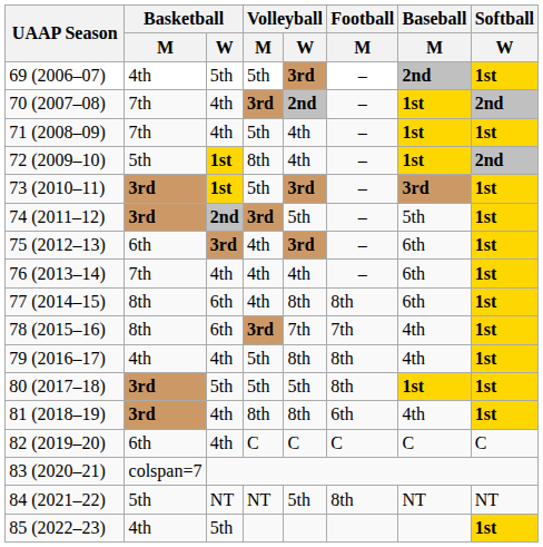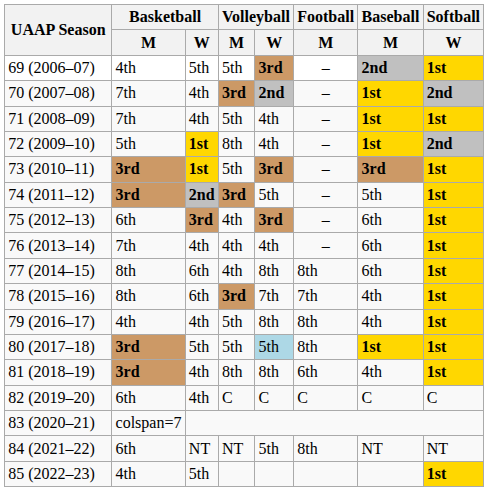 <table class=wikitable>
 <tr>
 <th rowspan="2" style="width:100px;">UAAP Season</th>
 <th colspan=2>Basketball</th>
 <th colspan=2>Volleyball</th>
 <th colspan=1>Football</th>
 <th colspan=1>Baseball</th>
 <th colspan=1>Softball</th>
 </tr>
 <tr>
 <th>M</th>
 <th>W</th>
 <th>M</th>
 <th>W</th>
 <th>M</th>
 <th>M</th>
 <th>W</th>
 </tr>
 <tr bgcolor="#FFFFFF">
 <td>69 (2006–07)</td>
 <td>4th</td>
 <td>5th</td>
 <td>5th</td>
 <td bgcolor="CC9966"><strong>3rd</strong></td>
 <td align=center>–</td>
 <td bgcolor="silver"><strong>2nd</strong></td>
 <td bgcolor="gold"><strong>1st</strong></td>
 </tr>
 <tr>
 <td>70 (2007–08)</td>
 <td>7th</td>
 <td>4th</td>
 <td bgcolor="CC9966"><strong>3rd</strong></td>
 <td bgcolor="silver"><strong>2nd</strong></td>
 <td align=center>–</td>
 <td bgcolor="gold"><strong>1st</strong></td>
 <td bgcolor="silver"><strong>2nd</strong></td>
 </tr>
 <tr>
 <td>71 (2008–09)</td>
 <td>7th</td>
 <td>4th</td>
 <td>5th</td>
 <td>4th</td>
 <td align=center>–</td>
 <td bgcolor="gold"><strong>1st</strong></td>
 <td bgcolor="gold"><strong>1st</strong></td>
 </tr>
 <tr>
 <td>72 (2009–10)</td>
 <td>5th</td>
 <td bgcolor="gold"><strong>1st</strong></td>
 <td>8th</td>
 <td>4th</td>
 <td align=center>–</td>
 <td bgcolor="gold"><strong>1st</strong></td>
 <td bgcolor="silver"><strong>2nd</strong></td>
 </tr>
 <tr>
 <td>73 (2010–11)</td>
 <td bgcolor="CC9966"><strong>3rd</strong></td>
 <td bgcolor="gold"><strong>1st</strong></td>
 <td>5th</td>
 <td bgcolor="CC9966"><strong>3rd</strong></td>
 <td align=center>–</td>
 <td bgcolor="CC9966"><strong>3rd</strong></td>
 <td bgcolor="gold"><strong>1st</strong></td>
 </tr>
 <tr>
 <td>74 (2011–12)</td>
 <td bgcolor="CC9966"><strong>3rd</strong></td>
 <td bgcolor="silver"><strong>2nd</strong></td>
 <td bgcolor="CC9966"><strong>3rd</strong></td>
 <td>5th</td>
 <td align=center>–</td>
 <td>5th</td>
 <td bgcolor="gold"><strong>1st</strong></td>
 </tr>
 <tr>
 <td>75 (2012–13)</td>
 <td>6th</td>
 <td bgcolor="CC9966"><strong>3rd</strong></td>
 <td>4th</td>
 <td bgcolor="CC9966"><strong>3rd</strong></td>
 <td align=center>–</td>
 <td>6th</td>
 <td bgcolor="gold"><strong>1st</strong></td>
 </tr>
 <tr>
 <td>76 (2013–14)</td>
 <td>7th</td>
 <td>4th</td>
 <td>4th</td>
 <td>4th</td>
 <td align=center>–</td>
 <td>6th</td>
 <td bgcolor="gold"><strong>1st</strong></td>
 </tr>
 <tr>
 <td>77 (2014–15)</td>
 <td>8th</td>
 <td>6th</td>
 <td>4th</td>
 <td>8th</td>
 <td>8th</td>
 <td>6th</td>
 <td bgcolor="gold"><strong>1st</strong></td>
 </tr>
 <tr>
 <td>78 (2015–16)</td>
 <td>8th</td>
 <td>6th</td>
 <td bgcolor="CC9966"><strong>3rd</strong></td>
 <td>7th</td>
 <td>7th</td>
 <td>4th</td>
 <td bgcolor="gold"><strong>1st</strong></td>
 </tr>
 <tr>
 <td>79 (2016–17)</td>
 <td>4th</td>
 <td>4th</td>
 <td>5th</td>
 <td>8th</td>
 <td>8th</td>
 <td>4th</td>
 <td bgcolor="gold"><strong>1st</strong></td>
 </tr>
 <tr>
 <td>80 (2017–18)</td>
 <td bgcolor="CC9966"><strong>3rd</strong></td>
 <td>5th</td>
 <td>5th</td>
-<td>5th</td>
+<td style="background: lightblue;">5th</td>
 <td>8th</td>
 <td bgcolor="gold"><strong>1st</strong></td>
 <td bgcolor="gold"><strong>1st</strong></td>
 </tr>
 <tr>
 <td>81 (2018–19)</td>
 <td bgcolor="CC9966"><strong>3rd</strong></td>
 <td>4th</td>
 <td>8th</td>
 <td>8th</td>
 <td>6th</td>
 <td>4th</td>
 <td bgcolor="gold"><strong>1st</strong></td>
 </tr>
 <tr>
 <td>82 (2019–20)</td>
 <td>6th</td>
 <td>4th</td>
 <td>C</td>
 <td>C</td>
 <td>C</td>
 <td>C</td>
 <td>C</td>
 </tr>
 <tr>
 <td>83 (2020–21)</td>
 <td>colspan=7 </td>
 </tr>
 <tr>
 <td>84 (2021–22)</td>
-<td>5th</td>
+<td>6th</td>
 <td>NT</td>
 <td>NT</td>
 <td>5th</td>
 <td>8th</td>
 <td>NT</td>
 <td>NT</td>
 </tr>
 <tr>
 <td>85 (2022–23)</td>
 <td>4th</td>
 <td>5th</td>
 <td></td>
 <td></td>
 <td></td>
 <td></td>
 <td bgcolor="gold"><strong>1st</strong></td>
 </tr>
 <tr>
 </tr>
 </table>
